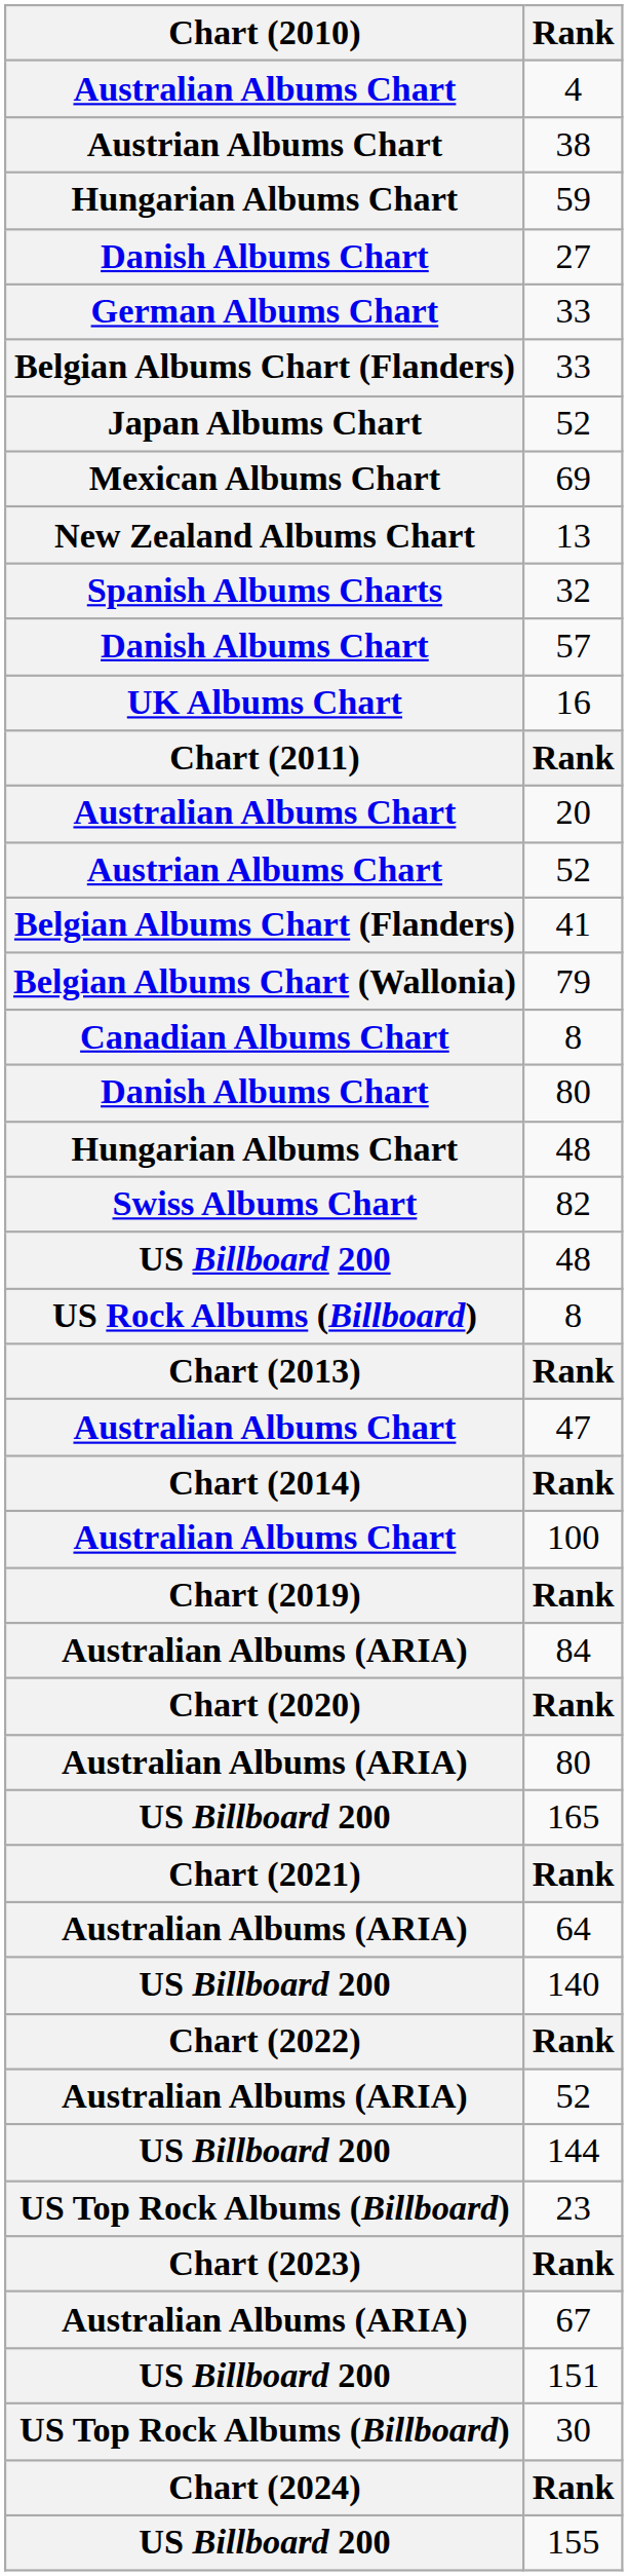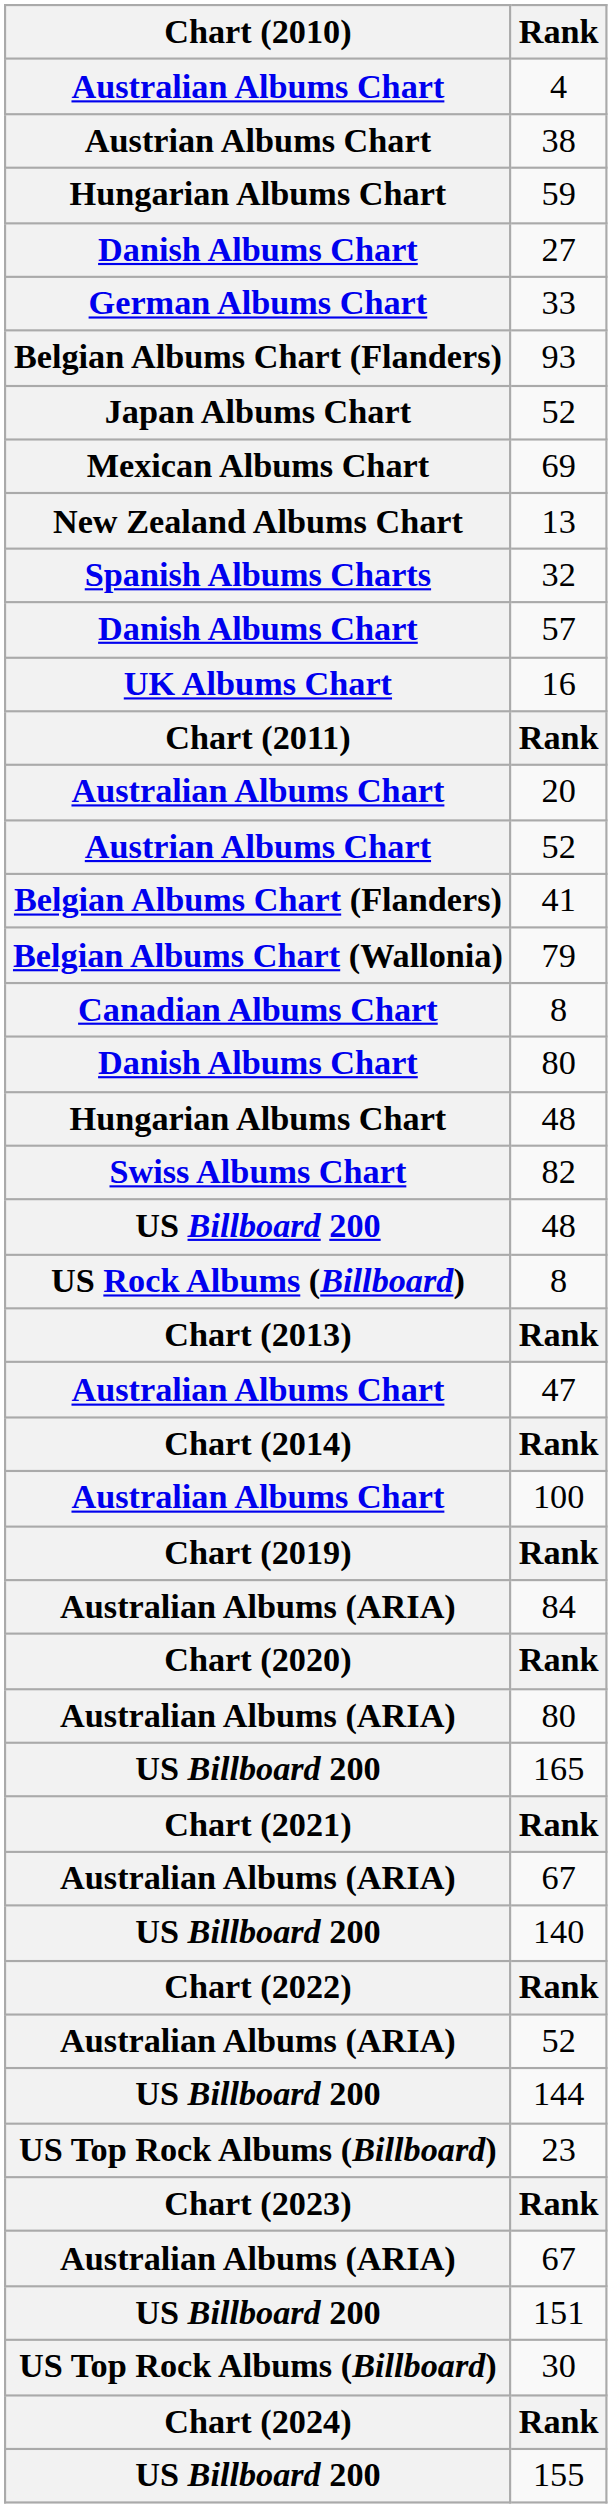 <table class="wikitable plainrowheaders" style="text-align:center;">
 <tr>
 <th scope="col">Chart (2010)</th>
 <th scope="col">Rank</th>
 </tr>
 <tr>
 <th scope="row"><a href='#'>Australian Albums Chart</a></th>
 <td>4</td>
 </tr>
 <tr>
 <th scope="row">Austrian Albums Chart</th>
 <td>38</td>
 </tr>
 <tr>
 <th scope="row">Hungarian Albums Chart</th>
 <td>59</td>
 </tr>
 <tr>
 <th scope="row"><a href='#'>Danish Albums Chart</a></th>
 <td>27</td>
 </tr>
 <tr>
 <th scope="row"><a href='#'>German Albums Chart</a></th>
 <td>33</td>
 </tr>
 <tr>
 <th scope="row">Belgian Albums Chart (Flanders)</th>
-<td>33</td>
+<td>93</td>
 </tr>
 <tr>
 <th scope="row">Japan Albums Chart</th>
 <td>52</td>
 </tr>
 <tr>
 <th scope="row">Mexican Albums Chart</th>
 <td>69</td>
 </tr>
 <tr>
 <th scope="row">New Zealand Albums Chart</th>
 <td>13</td>
 </tr>
 <tr>
 <th scope="row"><a href='#'>Spanish Albums Charts</a></th>
 <td>32</td>
 </tr>
 <tr>
 <th scope="row"><a href='#'>Danish Albums Chart</a></th>
 <td>57</td>
 </tr>
 <tr>
 <th scope="row"><a href='#'>UK Albums Chart</a></th>
 <td>16</td>
 </tr>
 <tr>
 <th>Chart (2011)</th>
 <th>Rank</th>
 </tr>
 <tr>
 <th scope="row"><a href='#'>Australian Albums Chart</a></th>
 <td>20</td>
 </tr>
 <tr>
 <th scope="row"><a href='#'>Austrian Albums Chart</a></th>
 <td>52</td>
 </tr>
 <tr>
 <th scope="row"><a href='#'>Belgian Albums Chart</a> (Flanders)</th>
 <td>41</td>
 </tr>
 <tr>
 <th scope="row"><a href='#'>Belgian Albums Chart</a> (Wallonia)</th>
 <td>79</td>
 </tr>
 <tr>
 <th scope="row"><a href='#'>Canadian Albums Chart</a></th>
 <td>8</td>
 </tr>
 <tr>
 <th scope="row"><a href='#'>Danish Albums Chart</a></th>
 <td>80</td>
 </tr>
 <tr>
 <th scope="row">Hungarian Albums Chart</th>
 <td align="center">48</td>
 </tr>
 <tr>
 <th scope="row"><a href='#'>Swiss Albums Chart</a></th>
 <td>82</td>
 </tr>
 <tr>
 <th scope="row">US <em><a href='#'>Billboard</a></em> <a href='#'>200</a></th>
 <td>48</td>
 </tr>
 <tr>
 <th scope="row">US <a href='#'>Rock Albums</a> (<em><a href='#'>Billboard</a></em>)</th>
 <td>8</td>
 </tr>
 <tr>
 <th>Chart (2013)</th>
 <th>Rank</th>
 </tr>
 <tr>
 <th scope="row"><a href='#'>Australian Albums Chart</a></th>
 <td>47</td>
 </tr>
 <tr>
 <th>Chart (2014)</th>
 <th>Rank</th>
 </tr>
 <tr>
 <th scope="row"><a href='#'>Australian Albums Chart</a></th>
 <td>100</td>
 </tr>
 <tr>
 <th>Chart (2019)</th>
 <th>Rank</th>
 </tr>
 <tr>
 <th scope="row">Australian Albums (ARIA)</th>
 <td>84</td>
 </tr>
 <tr>
 <th>Chart (2020)</th>
 <th>Rank</th>
 </tr>
 <tr>
 <th scope="row">Australian Albums (ARIA)</th>
 <td>80</td>
 </tr>
 <tr>
 <th scope="row">US <em>Billboard</em> 200</th>
 <td>165</td>
 </tr>
 <tr>
 <th>Chart (2021)</th>
 <th>Rank</th>
 </tr>
 <tr>
 <th scope="row">Australian Albums (ARIA)</th>
-<td>64</td>
+<td>67</td>
 </tr>
 <tr>
 <th scope="row">US <em>Billboard</em> 200</th>
 <td>140</td>
 </tr>
 <tr>
 <th>Chart (2022)</th>
 <th>Rank</th>
 </tr>
 <tr>
 <th scope="row">Australian Albums (ARIA)</th>
 <td>52</td>
 </tr>
 <tr>
 <th scope="row">US <em>Billboard</em> 200</th>
 <td>144</td>
 </tr>
 <tr>
 <th scope="row">US Top Rock Albums (<em>Billboard</em>)</th>
 <td>23</td>
 </tr>
 <tr>
 <th>Chart (2023)</th>
 <th>Rank</th>
 </tr>
 <tr>
 <th scope="row">Australian Albums (ARIA)</th>
 <td>67</td>
 </tr>
 <tr>
 <th scope="row">US <em>Billboard</em> 200</th>
 <td>151</td>
 </tr>
 <tr>
 <th scope="row">US Top Rock Albums (<em>Billboard</em>)</th>
 <td>30</td>
 </tr>
 <tr>
 <th>Chart (2024)</th>
 <th>Rank</th>
 </tr>
 <tr>
 <th scope="row">US <em>Billboard</em> 200</th>
 <td>155</td>
 </tr>
 </table>
